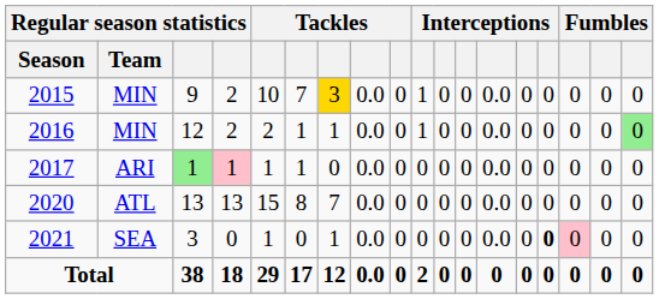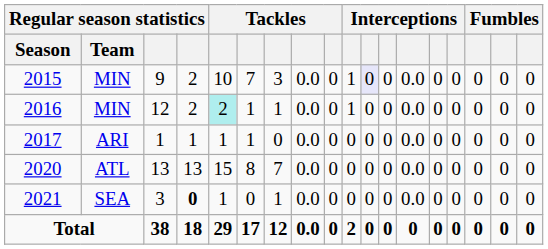 <table class="wikitable" style="text-align:center;">
 <tr>
 <th colspan="4">Regular season statistics</th>
 <th colspan="5">Tackles</th>
 <th colspan="6">Interceptions</th>
 <th colspan="3">Fumbles</th>
 </tr>
 <tr>
 <th>Season</th>
 <th>Team</th>
 <th></th>
 <th></th>
 <th></th>
 <th></th>
 <th></th>
 <th></th>
 <th></th>
 <th></th>
 <th></th>
 <th></th>
 <th></th>
 <th></th>
 <th></th>
 <th></th>
 <th></th>
 <th></th>
 </tr>
 <tr>
 <td><a href='#'>2015</a></td>
 <td><a href='#'>MIN</a></td>
 <td>9</td>
 <td>2</td>
 <td>10</td>
 <td>7</td>
-<td style="background: gold;">3</td>
+<td>3</td>
+<td>0.0</td>
+<td>0</td>
+<td>1</td>
+<td style="background: lavender;">0</td>
+<td>0</td>
+<td>0.0</td>
+<td>0</td>
+<td>0</td>
+<td>0</td>
+<td>0</td>
+<td>0</td>
+</tr>
+<tr>
+<td><a href='#'>2016</a></td>
+<td><a href='#'>MIN</a></td>
+<td>12</td>
+<td>2</td>
+<td style="background: paleturquoise;">2</td>
+<td>1</td>
+<td>1</td>
 <td>0.0</td>
 <td>0</td>
 <td>1</td>
 <td>0</td>
 <td>0</td>
 <td>0.0</td>
 <td>0</td>
 <td>0</td>
 <td>0</td>
 <td>0</td>
 <td>0</td>
 </tr>
 <tr>
-<td><a href='#'>2016</a></td>
-<td><a href='#'>MIN</a></td>
-<td>12</td>
-<td>2</td>
-<td>2</td>
+<td><a href='#'>2017</a></td>
+<td><a href='#'>ARI</a></td>
 <td>1</td>
 <td>1</td>
-<td>0.0</td>
-<td>0</td>
-<td>1</td>
-<td>0</td>
-<td>0</td>
-<td>0.0</td>
-<td>0</td>
-<td>0</td>
-<td>0</td>
-<td>0</td>
-<td style="background: lightgreen;">0</td>
-</tr>
-<tr>
-<td><a href='#'>2017</a></td>
-<td><a href='#'>ARI</a></td>
-<td style="background: lightgreen;">1</td>
-<td style="background: pink;">1</td>
 <td>1</td>
 <td>1</td>
 <td>0</td>
 <td>0.0</td>
 <td>0</td>
 <td>0</td>
 <td>0</td>
 <td>0</td>
 <td>0.0</td>
 <td>0</td>
 <td>0</td>
 <td>0</td>
 <td>0</td>
 <td>0</td>
 </tr>
 <tr>
 <td><a href='#'>2020</a></td>
 <td><a href='#'>ATL</a></td>
 <td>13</td>
 <td>13</td>
 <td>15</td>
 <td>8</td>
 <td>7</td>
 <td>0.0</td>
 <td>0</td>
 <td>0</td>
 <td>0</td>
 <td>0</td>
 <td>0.0</td>
 <td>0</td>
 <td>0</td>
 <td>0</td>
 <td>0</td>
 <td>0</td>
 </tr>
 <tr>
 <td><a href='#'>2021</a></td>
 <td><a href='#'>SEA</a></td>
 <td>3</td>
-<td>0</td>
+<td><strong>0</strong></td>
 <td>1</td>
 <td>0</td>
 <td>1</td>
 <td>0.0</td>
 <td>0</td>
 <td>0</td>
 <td>0</td>
 <td>0</td>
 <td>0.0</td>
 <td>0</td>
-<td><strong>0</strong></td>
-<td style="background: pink;">0</td>
+<td>0</td>
+<td>0</td>
 <td>0</td>
 <td>0</td>
 </tr>
 <tr>
 <td colspan="2"><strong>Total</strong></td>
 <td><strong>38</strong></td>
 <td><strong>18</strong></td>
 <td><strong>29</strong></td>
 <td><strong>17</strong></td>
 <td><strong>12</strong></td>
 <td><strong>0.0</strong></td>
 <td><strong>0</strong></td>
 <td><strong>2</strong></td>
 <td><strong>0</strong></td>
 <td><strong>0</strong></td>
 <td><strong>0</strong></td>
 <td><strong>0</strong></td>
 <td><strong>0</strong></td>
 <td><strong>0</strong></td>
 <td><strong>0</strong></td>
 <td><strong>0</strong></td>
 </tr>
 </table>
